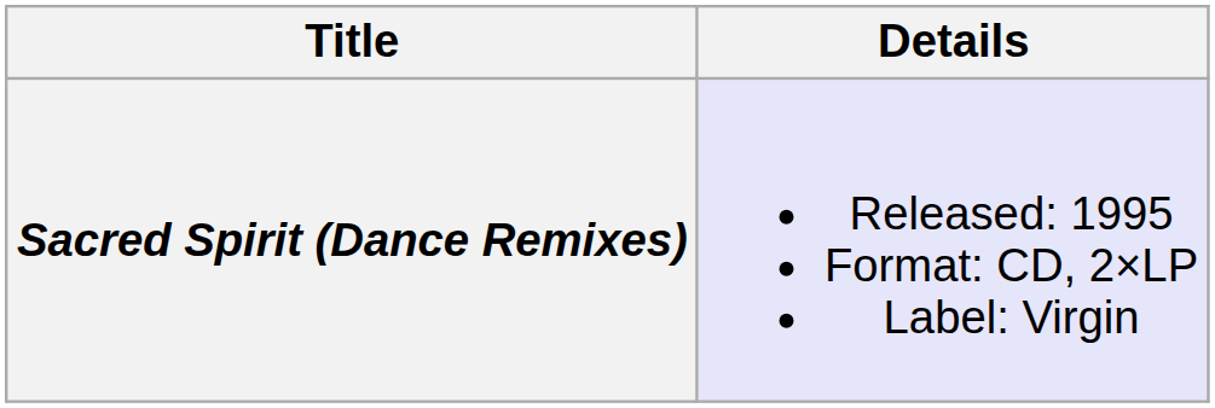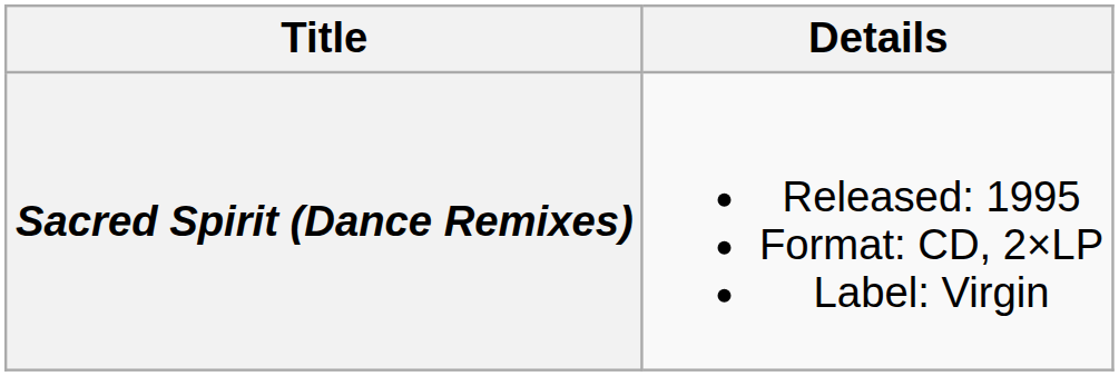 <table class="wikitable plainrowheaders" style="text-align:center;" border="1">
 <tr>
 <th>Title</th>
 <th>Details</th>
 </tr>
 <tr>
 <th scope="row"><em>Sacred Spirit (Dance Remixes)</em></th>
-<td style="background: lavender;"><br><ul><li>Released: 1995</li><li>Format: CD, 2×LP</li><li>Label: Virgin</li></ul></td>
+<td><br><ul><li>Released: 1995</li><li>Format: CD, 2×LP</li><li>Label: Virgin</li></ul></td>
 </tr>
 </table>
